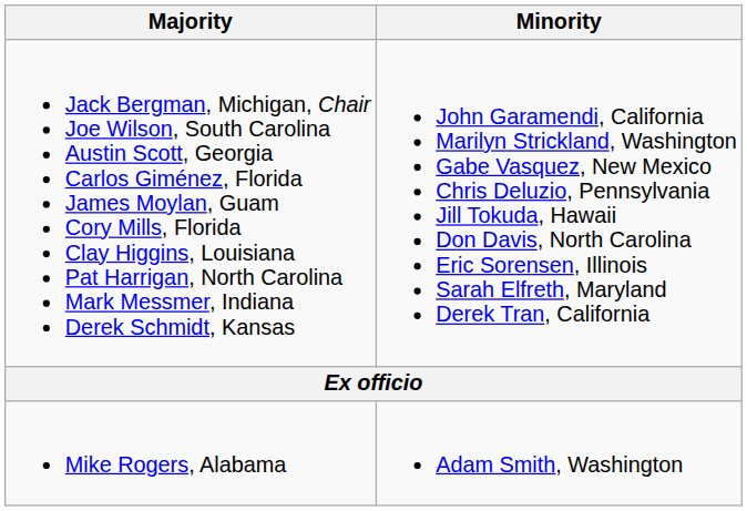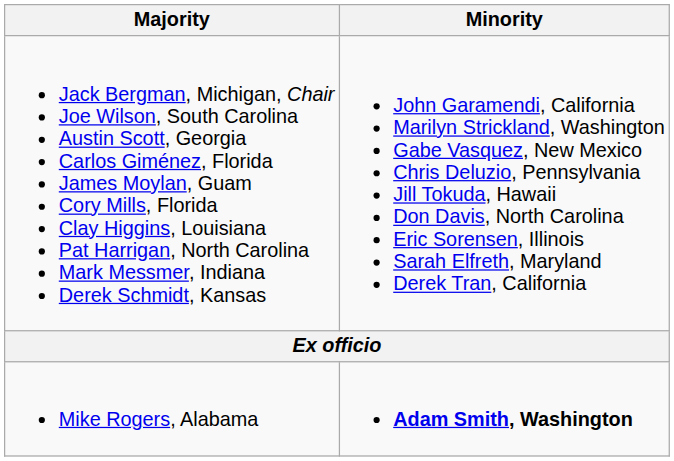 <table class=wikitable>
 <tr>
 <th>Majority</th>
 <th>Minority</th>
 </tr>
 <tr>
 <td><br><ul><li><a href='#'>Jack Bergman</a>, Michigan, <em>Chair</em></li><li><a href='#'>Joe Wilson</a>, South Carolina</li><li><a href='#'>Austin Scott</a>, Georgia</li><li><a href='#'>Carlos Giménez</a>, Florida</li><li><a href='#'>James Moylan</a>, Guam</li><li><a href='#'>Cory Mills</a>, Florida</li><li><a href='#'>Clay Higgins</a>, Louisiana</li><li><a href='#'>Pat Harrigan</a>, North Carolina</li><li><a href='#'>Mark Messmer</a>, Indiana</li><li><a href='#'>Derek Schmidt</a>, Kansas</li></ul></td>
 <td><br><ul><li><a href='#'>John Garamendi</a>, California</li><li><a href='#'>Marilyn Strickland</a>, Washington</li><li><a href='#'>Gabe Vasquez</a>, New Mexico</li><li><a href='#'>Chris Deluzio</a>, Pennsylvania</li><li><a href='#'>Jill Tokuda</a>, Hawaii</li><li><a href='#'>Don Davis</a>, North Carolina</li><li><a href='#'>Eric Sorensen</a>, Illinois</li><li><a href='#'>Sarah Elfreth</a>, Maryland</li><li><a href='#'>Derek Tran</a>, California</li></ul></td>
 </tr>
 <tr>
 <th colspan=2><em>Ex officio</em></th>
 </tr>
 <tr>
 <td><br><ul><li><a href='#'>Mike Rogers</a>, Alabama</li></ul></td>
-<td><br><ul><li><a href='#'>Adam Smith</a>, Washington</li></ul></td>
+<td><strong><br><ul><li><a href='#'>Adam Smith</a>, Washington</li></ul></strong></td>
 </tr>
 </table>
